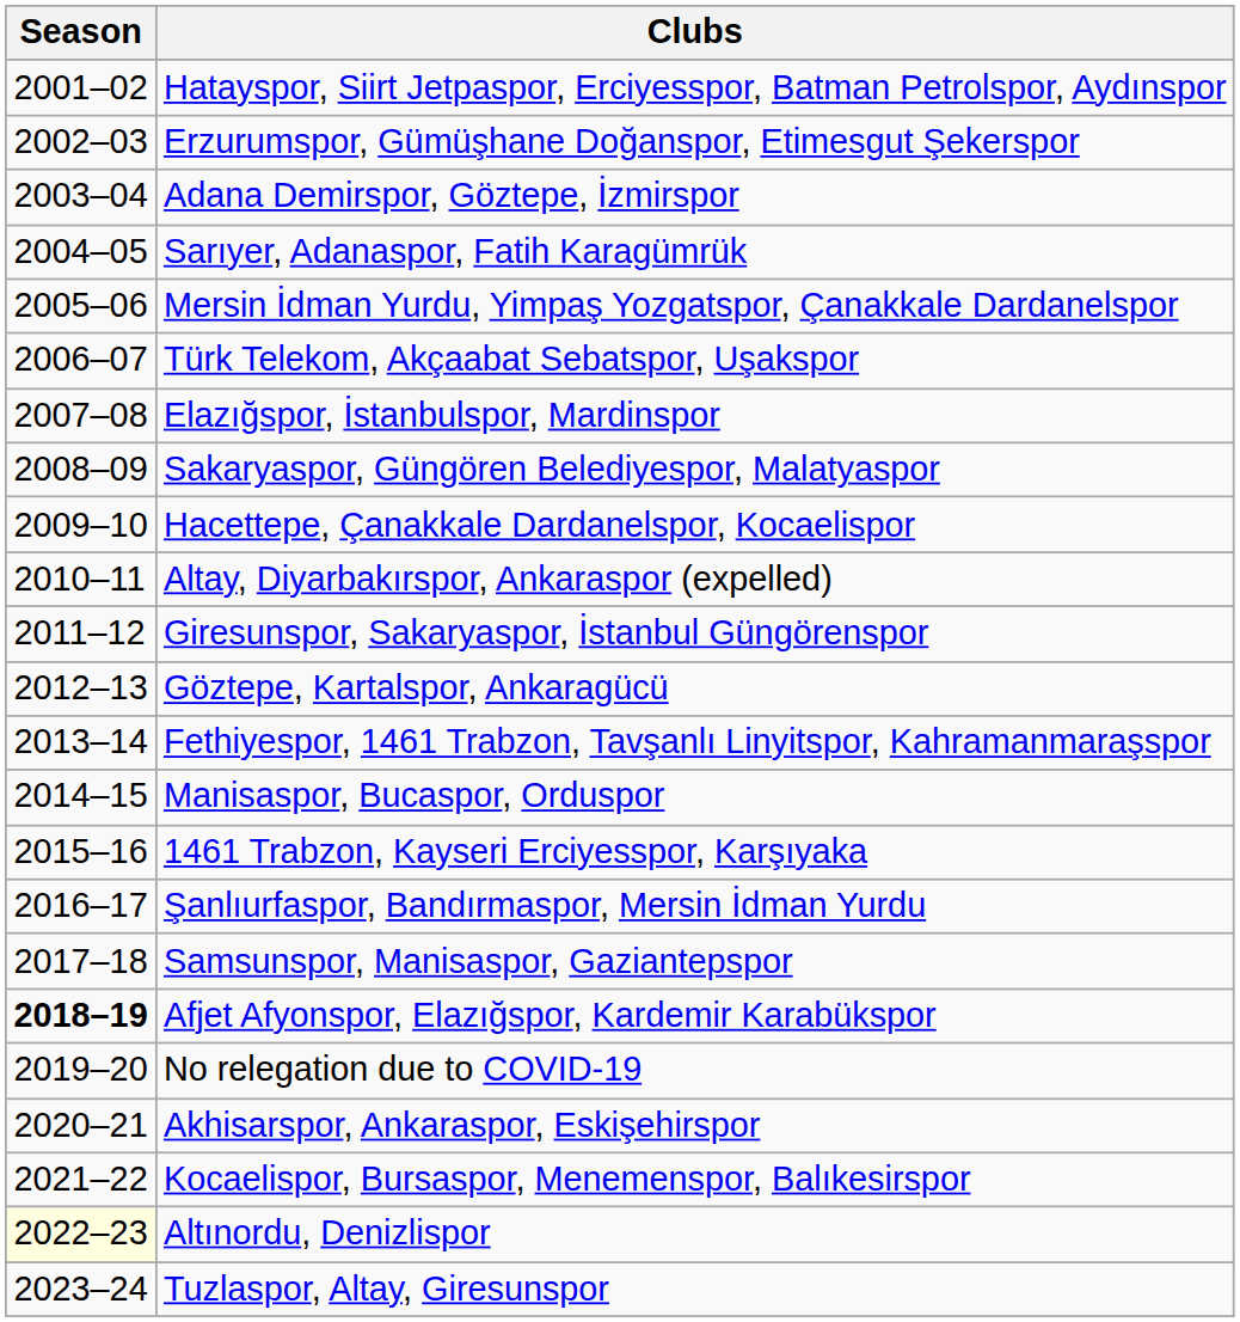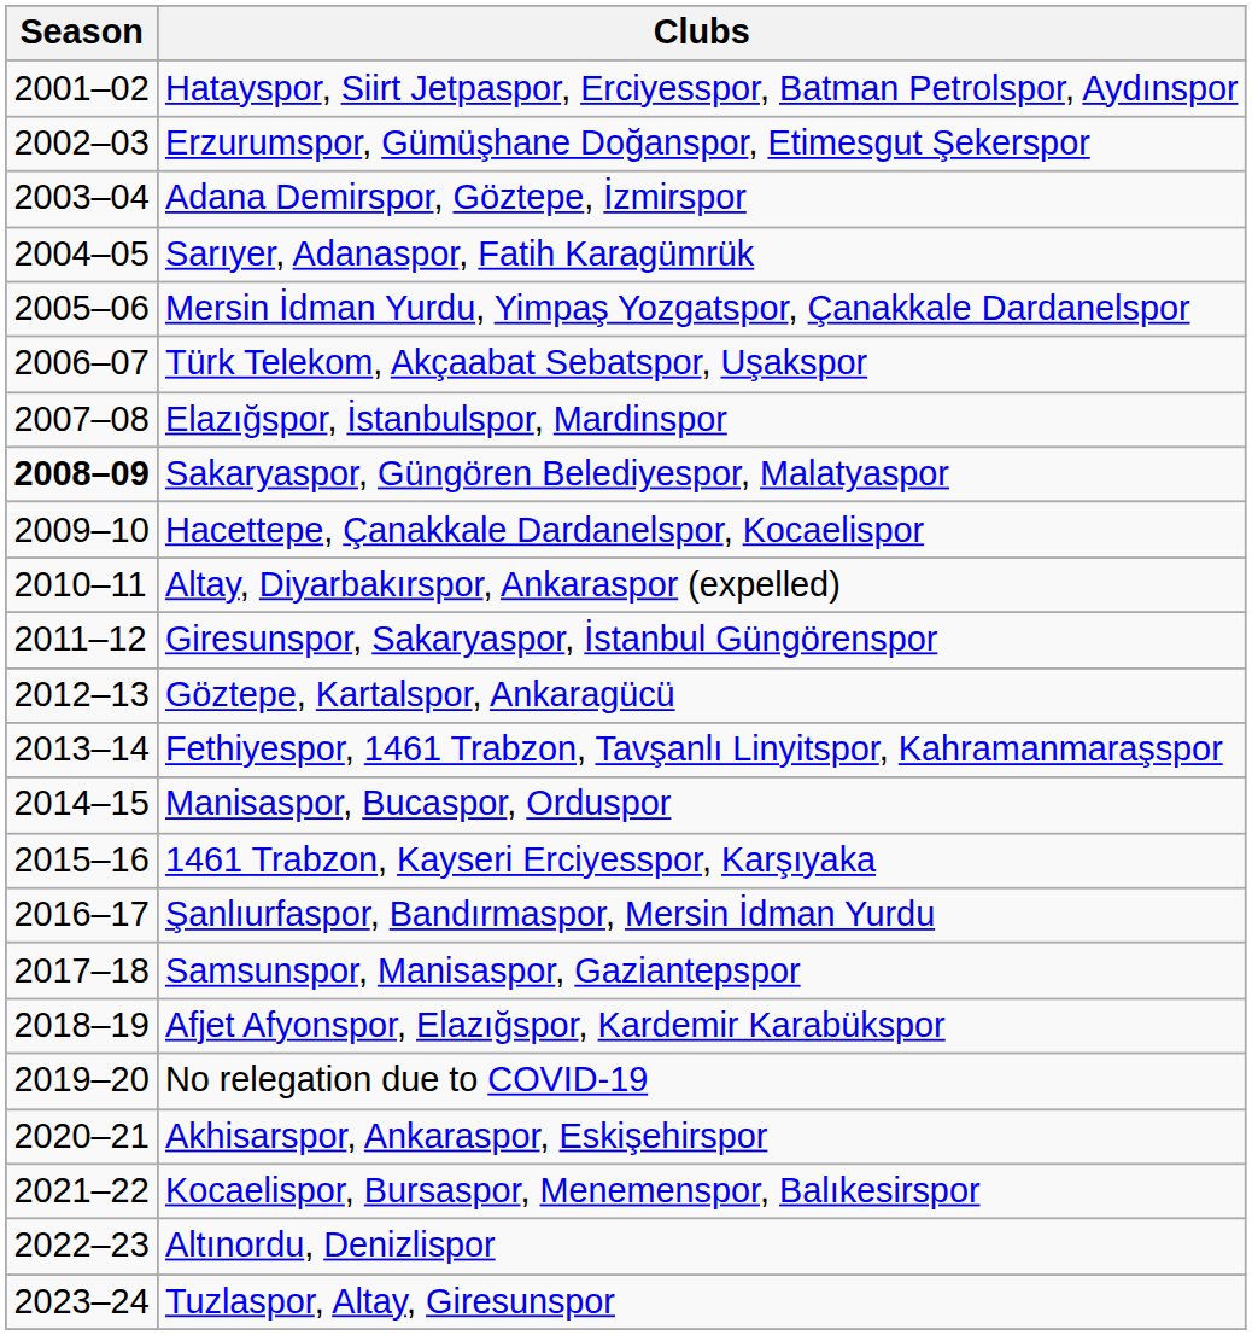 <table class="wikitable" style="text-align:left;">
 <tr>
 <th>Season</th>
 <th>Clubs</th>
 </tr>
 <tr>
 <td>2001–02</td>
 <td><a href='#'>Hatayspor</a>, <a href='#'>Siirt Jetpaspor</a>, <a href='#'>Erciyesspor</a>, <a href='#'>Batman Petrolspor</a>, <a href='#'>Aydınspor</a></td>
 </tr>
 <tr>
 <td>2002–03</td>
 <td><a href='#'>Erzurumspor</a>, <a href='#'>Gümüşhane Doğanspor</a>, <a href='#'>Etimesgut Şekerspor</a></td>
 </tr>
 <tr>
 <td>2003–04</td>
 <td><a href='#'>Adana Demirspor</a>, <a href='#'>Göztepe</a>, <a href='#'>İzmirspor</a></td>
 </tr>
 <tr>
 <td>2004–05</td>
 <td><a href='#'>Sarıyer</a>, <a href='#'>Adanaspor</a>, <a href='#'>Fatih Karagümrük</a></td>
 </tr>
 <tr>
 <td>2005–06</td>
 <td><a href='#'>Mersin İdman Yurdu</a>, <a href='#'>Yimpaş Yozgatspor</a>, <a href='#'>Çanakkale Dardanelspor</a></td>
 </tr>
 <tr>
 <td>2006–07</td>
 <td><a href='#'>Türk Telekom</a>, <a href='#'>Akçaabat Sebatspor</a>, <a href='#'>Uşakspor</a></td>
 </tr>
 <tr>
 <td>2007–08</td>
 <td><a href='#'>Elazığspor</a>, <a href='#'>İstanbulspor</a>, <a href='#'>Mardinspor</a></td>
 </tr>
 <tr>
-<td>2008–09</td>
+<td><strong>2008–09</strong></td>
 <td><a href='#'>Sakaryaspor</a>, <a href='#'>Güngören Belediyespor</a>, <a href='#'>Malatyaspor</a></td>
 </tr>
 <tr>
 <td>2009–10</td>
 <td><a href='#'>Hacettepe</a>, <a href='#'>Çanakkale Dardanelspor</a>, <a href='#'>Kocaelispor</a></td>
 </tr>
 <tr>
 <td>2010–11</td>
 <td><a href='#'>Altay</a>, <a href='#'>Diyarbakırspor</a>, <a href='#'>Ankaraspor</a> (expelled)</td>
 </tr>
 <tr>
 <td>2011–12</td>
 <td><a href='#'>Giresunspor</a>, <a href='#'>Sakaryaspor</a>, <a href='#'>İstanbul Güngörenspor</a></td>
 </tr>
 <tr>
 <td>2012–13</td>
 <td><a href='#'>Göztepe</a>, <a href='#'>Kartalspor</a>, <a href='#'>Ankaragücü</a></td>
 </tr>
 <tr>
 <td>2013–14</td>
 <td><a href='#'>Fethiyespor</a>, <a href='#'>1461 Trabzon</a>, <a href='#'>Tavşanlı Linyitspor</a>, <a href='#'>Kahramanmaraşspor</a></td>
 </tr>
 <tr>
 <td>2014–15</td>
 <td><a href='#'>Manisaspor</a>, <a href='#'>Bucaspor</a>, <a href='#'>Orduspor</a></td>
 </tr>
 <tr>
 <td>2015–16</td>
 <td><a href='#'>1461 Trabzon</a>, <a href='#'>Kayseri Erciyesspor</a>, <a href='#'>Karşıyaka</a></td>
 </tr>
 <tr>
 <td>2016–17</td>
 <td><a href='#'>Şanlıurfaspor</a>, <a href='#'>Bandırmaspor</a>, <a href='#'>Mersin İdman Yurdu</a></td>
 </tr>
 <tr>
 <td>2017–18</td>
 <td><a href='#'>Samsunspor</a>, <a href='#'>Manisaspor</a>, <a href='#'>Gaziantepspor</a></td>
 </tr>
 <tr>
-<td><strong>2018–19</strong></td>
+<td>2018–19</td>
 <td><a href='#'>Afjet Afyonspor</a>, <a href='#'>Elazığspor</a>, <a href='#'>Kardemir Karabükspor</a></td>
 </tr>
 <tr>
 <td>2019–20</td>
 <td>No relegation due to <a href='#'>COVID-19</a></td>
 </tr>
 <tr>
 <td>2020–21</td>
 <td><a href='#'>Akhisarspor</a>, <a href='#'>Ankaraspor</a>, <a href='#'>Eskişehirspor</a></td>
 </tr>
 <tr>
 <td>2021–22</td>
 <td><a href='#'>Kocaelispor</a>, <a href='#'>Bursaspor</a>, <a href='#'>Menemenspor</a>, <a href='#'>Balıkesirspor</a></td>
 </tr>
 <tr>
-<td style="background: lightyellow;">2022–23</td>
+<td>2022–23</td>
 <td><a href='#'>Altınordu</a>, <a href='#'>Denizlispor</a></td>
 </tr>
 <tr>
 <td>2023–24</td>
 <td><a href='#'>Tuzlaspor</a>, <a href='#'>Altay</a>, <a href='#'>Giresunspor</a></td>
 </tr>
 </table>
